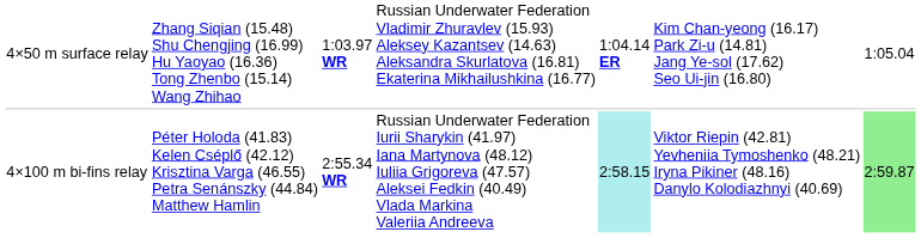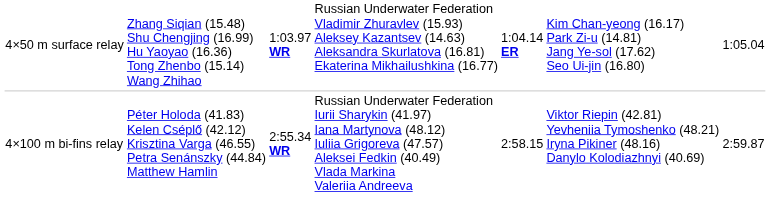 <table>
 <tr>
 <td>4×50 m surface relay</td>
 <td valign=top><br><a href='#'>Zhang Siqian</a> (15.48)<br><a href='#'>Shu Chengjing</a> (16.99)<br><a href='#'>Hu Yaoyao</a> (16.36)<br><a href='#'>Tong Zhenbo</a> (15.14)<br><a href='#'>Wang Zhihao</a></td>
 <td>1:03.97<br><strong><a href='#'>WR</a></strong></td>
 <td valign=top>Russian Underwater Federation<br><a href='#'>Vladimir Zhuravlev</a> (15.93)<br><a href='#'>Aleksey Kazantsev</a> (14.63)<br><a href='#'>Aleksandra Skurlatova</a> (16.81)<br><a href='#'>Ekaterina Mikhailushkina</a> (16.77)</td>
 <td>1:04.14<br><strong><a href='#'>ER</a></strong></td>
 <td valign=top><br><a href='#'>Kim Chan-yeong</a> (16.17)<br><a href='#'>Park Zi-u</a> (14.81)<br><a href='#'>Jang Ye-sol</a> (17.62)<br><a href='#'>Seo Ui-jin</a> (16.80)</td>
 <td>1:05.04</td>
 </tr>
 <tr bgcolor=#DDDDDD>
 <td colspan=7></td>
 </tr>
 <tr>
 <td>4×100 m bi-fins relay</td>
 <td valign=top><br><a href='#'>Péter Holoda</a> (41.83)<br><a href='#'>Kelen Cséplő</a> (42.12)<br><a href='#'>Krisztina Varga</a> (46.55)<br><a href='#'>Petra Senánszky</a> (44.84)<br><a href='#'>Matthew Hamlin</a></td>
 <td>2:55.34<br><strong><a href='#'>WR</a></strong></td>
 <td valign=top>Russian Underwater Federation<br><a href='#'>Iurii Sharykin</a> (41.97)<br><a href='#'>Iana Martynova</a> (48.12)<br><a href='#'>Iuliia Grigoreva</a> (47.57)<br><a href='#'>Aleksei Fedkin</a> (40.49)<br><a href='#'>Vlada Markina</a><br><a href='#'>Valeriia Andreeva</a></td>
-<td style="background: paleturquoise;">2:58.15</td>
+<td>2:58.15</td>
 <td valign=top><br><a href='#'>Viktor Riepin</a> (42.81)<br><a href='#'>Yevheniia Tymoshenko</a> (48.21)<br><a href='#'>Iryna Pikiner</a> (48.16)<br><a href='#'>Danylo Kolodiazhnyi</a> (40.69)</td>
-<td style="background: lightgreen;">2:59.87</td>
+<td>2:59.87</td>
 </tr>
 </table>
